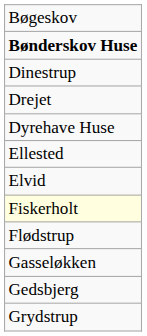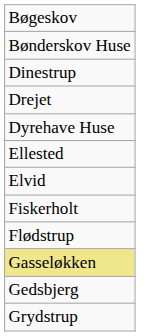 <table class="wikitable" style="float:left; margin-right:1em">
 <tr>
 <td>Bøgeskov</td>
 </tr>
 <tr>
-<td><strong>Bønderskov Huse</strong></td>
+<td>Bønderskov Huse</td>
 </tr>
 <tr>
 <td>Dinestrup</td>
 </tr>
 <tr>
 <td>Drejet</td>
 </tr>
 <tr>
 <td>Dyrehave Huse</td>
 </tr>
 <tr>
 <td>Ellested</td>
 </tr>
 <tr>
 <td>Elvid</td>
 </tr>
 <tr>
-<td style="background: lightyellow;">Fiskerholt</td>
+<td>Fiskerholt</td>
 </tr>
 <tr>
 <td>Flødstrup</td>
 </tr>
 <tr>
-<td>Gasseløkken</td>
+<td style="background: khaki;">Gasseløkken</td>
 </tr>
 <tr>
 <td>Gedsbjerg</td>
 </tr>
 <tr>
 <td>Grydstrup</td>
 </tr>
 </table>
